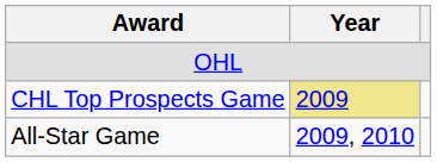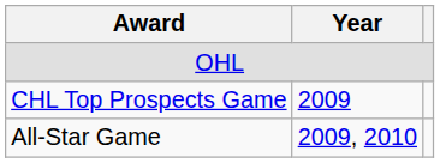 <table class="wikitable">
 <tr>
 <th>Award</th>
 <th>Year</th>
 <th></th>
 </tr>
 <tr ALIGN="center" bgcolor="#e0e0e0">
 <td colspan="3"><a href='#'>OHL</a></td>
 </tr>
 <tr>
 <td><a href='#'>CHL Top Prospects Game</a></td>
-<td style="background: khaki;"><a href='#'>2009</a></td>
+<td><a href='#'>2009</a></td>
 <td></td>
 </tr>
 <tr>
 <td>All-Star Game</td>
 <td><a href='#'>2009</a>, <a href='#'>2010</a></td>
 <td></td>
 </tr>
 </table>
